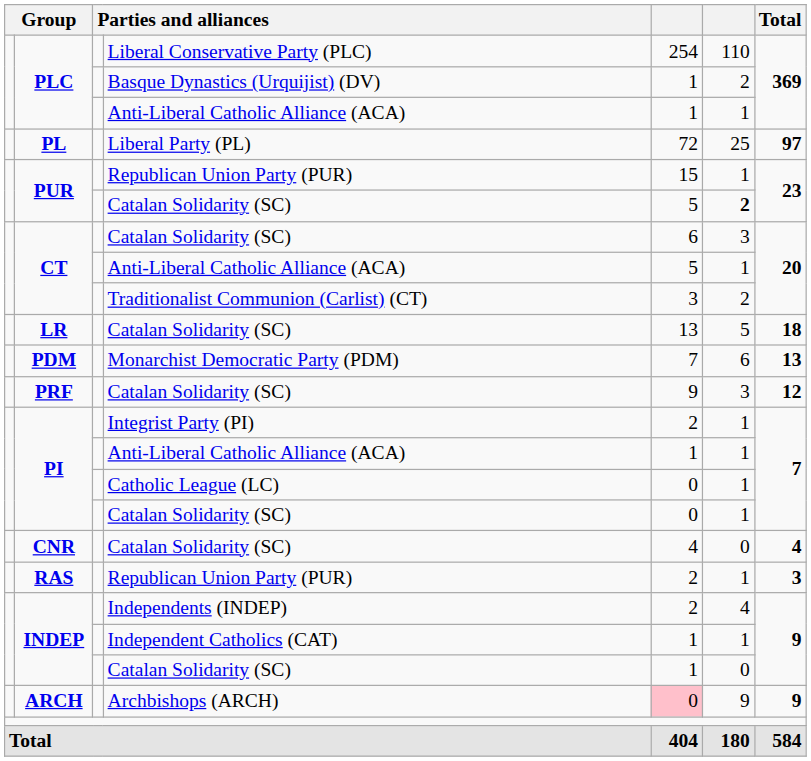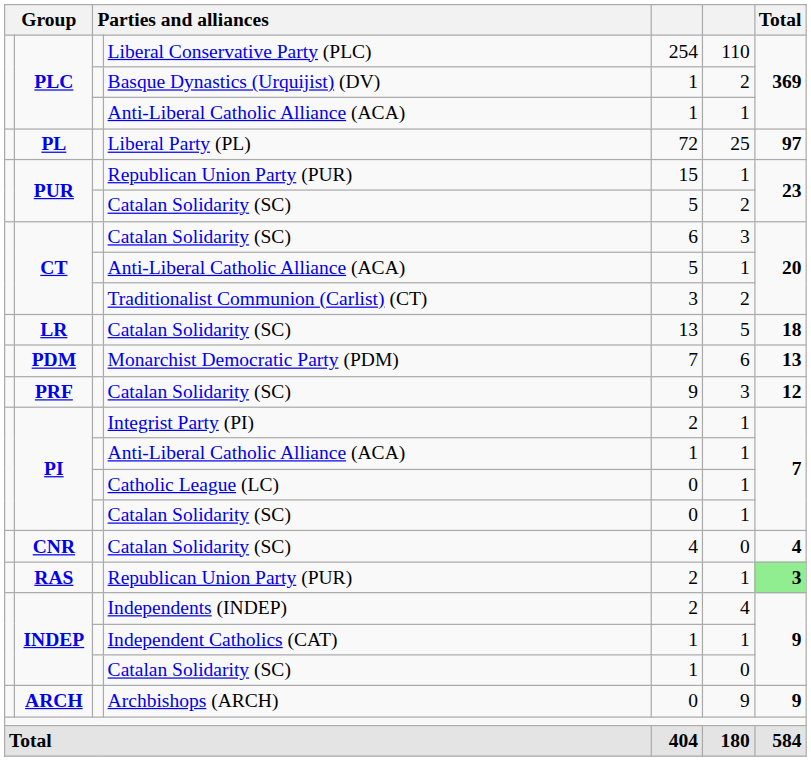 <table class="wikitable" style="text-align:right;">
 <tr>
 <th colspan="2" width="65">Group</th>
 <th style="text-align:left;" colspan="2" width="450">Parties and alliances</th>
 <th width="35"></th>
 <th width="35"></th>
 <th width="35">Total</th>
 </tr>
 <tr>
 <td rowspan="3" width="1"></td>
 <td rowspan="3" align="center"><strong><a href='#'>PLC</a></strong></td>
 <td width="1" style="color:inherit;background:"></td>
 <td align="left"><a href='#'>Liberal Conservative Party</a> (PLC)</td>
 <td>254</td>
 <td>110</td>
 <td rowspan="3"><strong>369</strong></td>
 </tr>
 <tr>
 <td style="color:inherit;background:"></td>
 <td align="left"><a href='#'>Basque Dynastics (Urquijist)</a> (DV)</td>
 <td>1</td>
 <td>2</td>
 </tr>
 <tr>
 <td style="color:inherit;background:"></td>
 <td align="left"><a href='#'>Anti-Liberal Catholic Alliance</a> (ACA)</td>
 <td>1</td>
 <td>1</td>
 </tr>
 <tr>
 <td style="color:inherit;background:"></td>
 <td align="center"><strong><a href='#'>PL</a></strong></td>
 <td style="color:inherit;background:"></td>
 <td align="left"><a href='#'>Liberal Party</a> (PL)</td>
 <td>72</td>
 <td>25</td>
 <td><strong>97</strong></td>
 </tr>
 <tr>
 <td rowspan="2" style="color:inherit;background:"></td>
 <td rowspan="2" align="center"><strong><a href='#'>PUR</a></strong></td>
 <td style="color:inherit;background:"></td>
 <td align="left"><a href='#'>Republican Union Party</a> (PUR)</td>
 <td>15</td>
 <td>1</td>
 <td rowspan="2"><strong>23</strong></td>
 </tr>
 <tr>
 <td style="color:inherit;background:"></td>
 <td align="left"><a href='#'>Catalan Solidarity</a> (SC)</td>
 <td>5</td>
-<td><strong>2</strong></td>
+<td>2</td>
 </tr>
 <tr>
 <td rowspan="3" style="color:inherit;background:"></td>
 <td rowspan="3" align="center"><strong><a href='#'>CT</a></strong></td>
 <td style="color:inherit;background:"></td>
 <td align="left"><a href='#'>Catalan Solidarity</a> (SC)</td>
 <td>6</td>
 <td>3</td>
 <td rowspan="3"><strong>20</strong></td>
 </tr>
 <tr>
 <td style="color:inherit;background:"></td>
 <td align="left"><a href='#'>Anti-Liberal Catholic Alliance</a> (ACA)</td>
 <td>5</td>
 <td>1</td>
 </tr>
 <tr>
 <td style="color:inherit;background:"></td>
 <td align="left"><a href='#'>Traditionalist Communion (Carlist)</a> (CT)</td>
 <td>3</td>
 <td>2</td>
 </tr>
 <tr>
 <td style="color:inherit;background:"></td>
 <td align="center"><strong><a href='#'>LR</a></strong></td>
 <td style="color:inherit;background:"></td>
 <td align="left"><a href='#'>Catalan Solidarity</a> (SC)</td>
 <td>13</td>
 <td>5</td>
 <td><strong>18</strong></td>
 </tr>
 <tr>
 <td style="color:inherit;background:"></td>
 <td align="center"><strong><a href='#'>PDM</a></strong></td>
 <td style="color:inherit;background:"></td>
 <td align="left"><a href='#'>Monarchist Democratic Party</a> (PDM)</td>
 <td>7</td>
 <td>6</td>
 <td><strong>13</strong></td>
 </tr>
 <tr>
 <td style="color:inherit;background:"></td>
 <td align="center"><strong><a href='#'>PRF</a></strong></td>
 <td style="color:inherit;background:"></td>
 <td align="left"><a href='#'>Catalan Solidarity</a> (SC)</td>
 <td>9</td>
 <td>3</td>
 <td><strong>12</strong></td>
 </tr>
 <tr>
 <td rowspan="4" style="color:inherit;background:"></td>
 <td rowspan="4" align="center"><strong><a href='#'>PI</a></strong></td>
 <td style="color:inherit;background:"></td>
 <td align="left"><a href='#'>Integrist Party</a> (PI)</td>
 <td>2</td>
 <td>1</td>
 <td rowspan="4"><strong>7</strong></td>
 </tr>
 <tr>
 <td style="color:inherit;background:"></td>
 <td align="left"><a href='#'>Anti-Liberal Catholic Alliance</a> (ACA)</td>
 <td>1</td>
 <td>1</td>
 </tr>
 <tr>
 <td style="color:inherit;background:"></td>
 <td align="left"><a href='#'>Catholic League</a> (LC)</td>
 <td>0</td>
 <td>1</td>
 </tr>
 <tr>
 <td style="color:inherit;background:"></td>
 <td align="left"><a href='#'>Catalan Solidarity</a> (SC)</td>
 <td>0</td>
 <td>1</td>
 </tr>
 <tr>
 <td style="color:inherit;background:"></td>
 <td align="center"><strong><a href='#'>CNR</a></strong></td>
 <td style="color:inherit;background:"></td>
 <td align="left"><a href='#'>Catalan Solidarity</a> (SC)</td>
 <td>4</td>
 <td>0</td>
 <td><strong>4</strong></td>
 </tr>
 <tr>
 <td style="color:inherit;background:"></td>
 <td align="center"><strong><a href='#'>RAS</a></strong></td>
 <td style="color:inherit;background:"></td>
 <td align="left"><a href='#'>Republican Union Party</a> (PUR)</td>
 <td>2</td>
 <td>1</td>
-<td><strong>3</strong></td>
+<td style="background: lightgreen;"><strong>3</strong></td>
 </tr>
 <tr>
 <td rowspan="3" style="color:inherit;background:"></td>
 <td rowspan="3" align="center"><strong><a href='#'>INDEP</a></strong></td>
 <td style="color:inherit;background:"></td>
 <td align="left"><a href='#'>Independents</a> (INDEP)</td>
 <td>2</td>
 <td>4</td>
 <td rowspan="3"><strong>9</strong></td>
 </tr>
 <tr>
 <td style="color:inherit;background:"></td>
 <td align="left"><a href='#'>Independent Catholics</a> (CAT)</td>
 <td>1</td>
 <td>1</td>
 </tr>
 <tr>
 <td style="color:inherit;background:"></td>
 <td align="left"><a href='#'>Catalan Solidarity</a> (SC)</td>
 <td>1</td>
 <td>0</td>
 </tr>
 <tr>
 <td style="color:inherit;background:"></td>
 <td align="center"><strong><a href='#'>ARCH</a></strong></td>
 <td style="color:inherit;background:"></td>
 <td align="left"><a href='#'>Archbishops</a> (ARCH)</td>
-<td style="background: pink;">0</td>
+<td>0</td>
 <td>9</td>
 <td><strong>9</strong></td>
 </tr>
 <tr>
 <td colspan="7"></td>
 </tr>
 <tr style="background:#E4E4E4; font-weight:bold;">
 <td align="left" colspan="4">Total</td>
 <td>404</td>
 <td>180</td>
 <td>584</td>
 </tr>
 </table>
